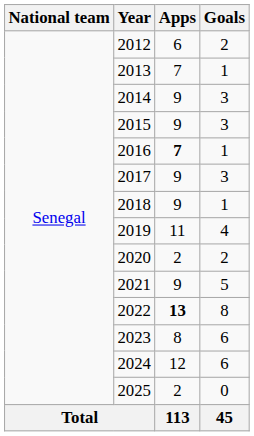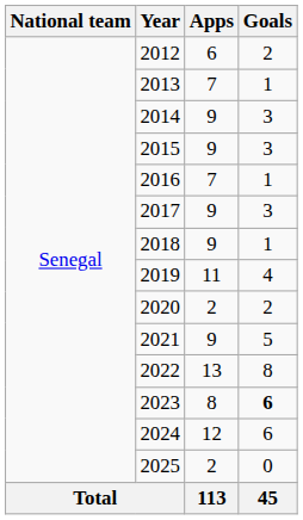 <table class=wikitable style=text-align:center>
 <tr>
 <th>National team</th>
 <th>Year</th>
 <th>Apps</th>
 <th>Goals</th>
 </tr>
 <tr>
 <td rowspan=14><a href='#'>Senegal</a></td>
 <td>2012</td>
 <td>6</td>
 <td>2</td>
 </tr>
 <tr>
 <td>2013</td>
 <td>7</td>
 <td>1</td>
 </tr>
 <tr>
 <td>2014</td>
 <td>9</td>
 <td>3</td>
 </tr>
 <tr>
 <td>2015</td>
 <td>9</td>
 <td>3</td>
 </tr>
 <tr>
 <td>2016</td>
-<td><strong>7</strong></td>
+<td>7</td>
 <td>1</td>
 </tr>
 <tr>
 <td>2017</td>
 <td>9</td>
 <td>3</td>
 </tr>
 <tr>
 <td>2018</td>
 <td>9</td>
 <td>1</td>
 </tr>
 <tr>
 <td>2019</td>
 <td>11</td>
 <td>4</td>
 </tr>
 <tr>
 <td>2020</td>
 <td>2</td>
 <td>2</td>
 </tr>
 <tr>
 <td>2021</td>
 <td>9</td>
 <td>5</td>
 </tr>
 <tr>
 <td>2022</td>
-<td><strong>13</strong></td>
+<td>13</td>
 <td>8</td>
 </tr>
 <tr>
 <td>2023</td>
 <td>8</td>
-<td>6</td>
+<td><strong>6</strong></td>
 </tr>
 <tr>
 <td>2024</td>
 <td>12</td>
 <td>6</td>
 </tr>
 <tr>
 <td>2025</td>
 <td>2</td>
 <td>0</td>
 </tr>
 <tr>
 <th colspan=2>Total</th>
 <th>113</th>
 <th>45</th>
 </tr>
 </table>
